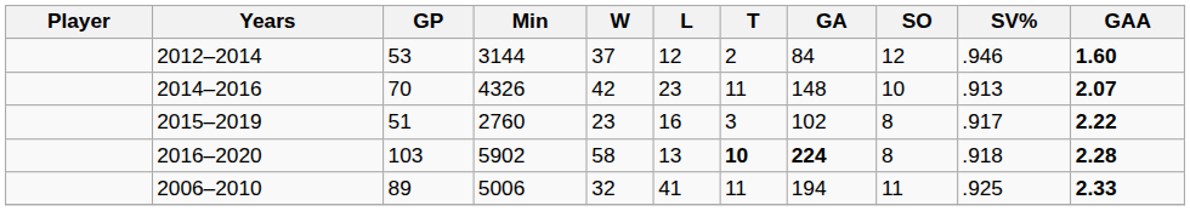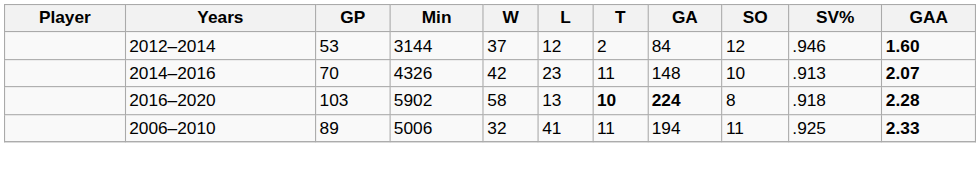 <table class="wikitable sortable" width = 900>
 <tr>
 <th>Player</th>
 <th>Years</th>
 <th>GP</th>
 <th>Min</th>
 <th>W</th>
 <th>L</th>
 <th>T</th>
 <th>GA</th>
 <th>SO</th>
 <th>SV%</th>
 <th>GAA</th>
 </tr>
 <tr>
 <td></td>
 <td>2012–2014</td>
 <td>53</td>
 <td>3144</td>
 <td>37</td>
 <td>12</td>
 <td>2</td>
 <td>84</td>
 <td>12</td>
 <td>.946</td>
 <td><strong>1.60</strong></td>
 </tr>
 <tr>
 <td></td>
 <td>2014–2016</td>
 <td>70</td>
 <td>4326</td>
 <td>42</td>
 <td>23</td>
 <td>11</td>
 <td>148</td>
 <td>10</td>
 <td>.913</td>
 <td><strong>2.07</strong></td>
 </tr>
 <tr>
 <td></td>
-<td>2015–2019</td>
-<td>51</td>
-<td>2760</td>
-<td>23</td>
-<td>16</td>
-<td>3</td>
-<td>102</td>
-<td>8</td>
-<td>.917</td>
-<td><strong>2.22</strong></td>
-</tr>
-<tr>
-<td></td>
 <td>2016–2020</td>
 <td>103</td>
 <td>5902</td>
 <td>58</td>
 <td>13</td>
 <td><strong>10</strong></td>
 <td><strong>224</strong></td>
 <td>8</td>
 <td>.918</td>
 <td><strong>2.28</strong></td>
 </tr>
 <tr>
 <td></td>
 <td>2006–2010</td>
 <td>89</td>
 <td>5006</td>
 <td>32</td>
 <td>41</td>
 <td>11</td>
 <td>194</td>
 <td>11</td>
 <td>.925</td>
 <td><strong>2.33</strong></td>
 </tr>
 <tr>
 </tr>
 </table>
